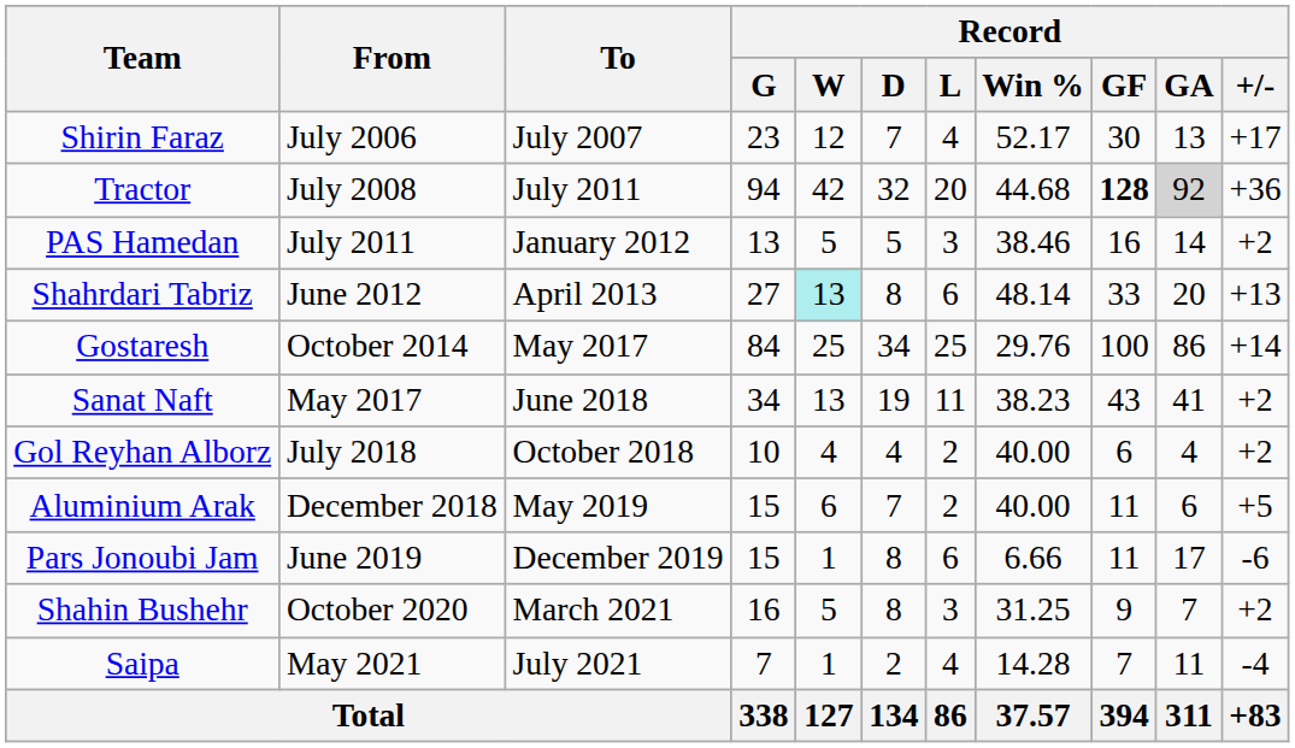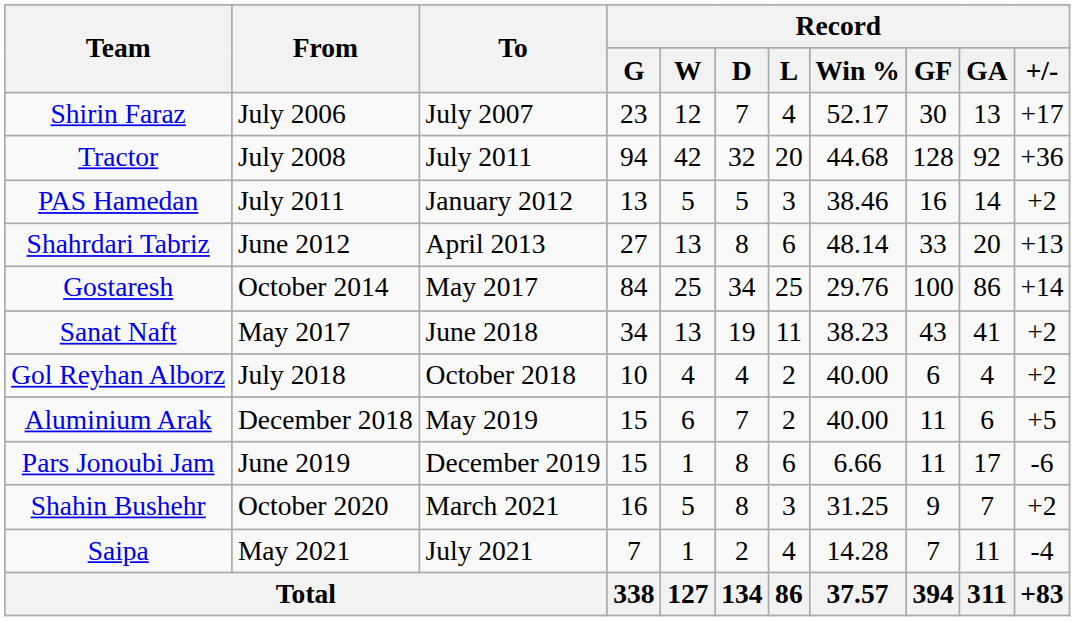 <table class="wikitable" style="text-align: center">
 <tr>
 <th rowspan="2">Team</th>
 <th rowspan="2">From</th>
 <th rowspan="2">To</th>
 <th colspan="8">Record</th>
 </tr>
 <tr>
 <th>G</th>
 <th>W</th>
 <th>D</th>
 <th>L</th>
 <th>Win %</th>
 <th>GF</th>
 <th>GA</th>
 <th>+/-</th>
 </tr>
 <tr>
 <td><a href='#'>Shirin Faraz</a></td>
 <td align="left">July 2006</td>
 <td align="left">July 2007</td>
 <td>23</td>
 <td>12</td>
 <td>7</td>
 <td>4</td>
 <td>52.17</td>
 <td>30</td>
 <td>13</td>
 <td>+17</td>
 </tr>
 <tr>
 <td><a href='#'>Tractor</a></td>
 <td align="left">July 2008</td>
 <td align="left">July 2011</td>
 <td>94</td>
 <td>42</td>
 <td>32</td>
 <td>20</td>
 <td>44.68</td>
-<td><strong>128</strong></td>
-<td style="background: lightgrey;">92</td>
+<td>128</td>
+<td>92</td>
 <td>+36</td>
 </tr>
 <tr>
 <td><a href='#'>PAS Hamedan</a></td>
 <td align="left">July 2011</td>
 <td align="left">January 2012</td>
 <td>13</td>
 <td>5</td>
 <td>5</td>
 <td>3</td>
 <td>38.46</td>
 <td>16</td>
 <td>14</td>
 <td>+2</td>
 </tr>
 <tr>
 <td><a href='#'>Shahrdari Tabriz</a></td>
 <td align="left">June 2012</td>
 <td align="left">April 2013</td>
 <td>27</td>
-<td style="background: paleturquoise;">13</td>
+<td>13</td>
 <td>8</td>
 <td>6</td>
 <td>48.14</td>
 <td>33</td>
 <td>20</td>
 <td>+13</td>
 </tr>
 <tr>
 <td><a href='#'>Gostaresh</a></td>
 <td align="left">October 2014</td>
 <td align="left">May 2017</td>
 <td>84</td>
 <td>25</td>
 <td>34</td>
 <td>25</td>
 <td>29.76</td>
 <td>100</td>
 <td>86</td>
 <td>+14</td>
 </tr>
 <tr>
 <td><a href='#'>Sanat Naft</a></td>
 <td align="left">May 2017</td>
 <td align="left">June 2018</td>
 <td>34</td>
 <td>13</td>
 <td>19</td>
 <td>11</td>
 <td>38.23</td>
 <td>43</td>
 <td>41</td>
 <td>+2</td>
 </tr>
 <tr>
 <td><a href='#'>Gol Reyhan Alborz</a></td>
 <td align="left">July 2018</td>
 <td align="left">October 2018</td>
 <td>10</td>
 <td>4</td>
 <td>4</td>
 <td>2</td>
 <td>40.00</td>
 <td>6</td>
 <td>4</td>
 <td>+2</td>
 </tr>
 <tr>
 <td><a href='#'>Aluminium Arak</a></td>
 <td align="left">December 2018</td>
 <td align="left">May 2019</td>
 <td>15</td>
 <td>6</td>
 <td>7</td>
 <td>2</td>
 <td>40.00</td>
 <td>11</td>
 <td>6</td>
 <td>+5</td>
 </tr>
 <tr>
 <td><a href='#'>Pars Jonoubi Jam</a></td>
 <td align="left">June 2019</td>
 <td align="left">December 2019</td>
 <td>15</td>
 <td>1</td>
 <td>8</td>
 <td>6</td>
 <td>6.66</td>
 <td>11</td>
 <td>17</td>
 <td>-6</td>
 </tr>
 <tr>
 <td><a href='#'>Shahin Bushehr</a></td>
 <td align="left">October 2020</td>
 <td align="left">March 2021</td>
 <td>16</td>
 <td>5</td>
 <td>8</td>
 <td>3</td>
 <td>31.25</td>
 <td>9</td>
 <td>7</td>
 <td>+2</td>
 </tr>
 <tr>
 <td><a href='#'>Saipa</a></td>
 <td align="left">May 2021</td>
 <td align="left">July 2021</td>
 <td>7</td>
 <td>1</td>
 <td>2</td>
 <td>4</td>
 <td>14.28</td>
 <td>7</td>
 <td>11</td>
 <td>-4</td>
 </tr>
 <tr>
 <th colspan="3">Total</th>
 <th>338</th>
 <th>127</th>
 <th>134</th>
 <th>86</th>
 <th>37.57</th>
 <th>394</th>
 <th>311</th>
 <th>+83</th>
 </tr>
 </table>
